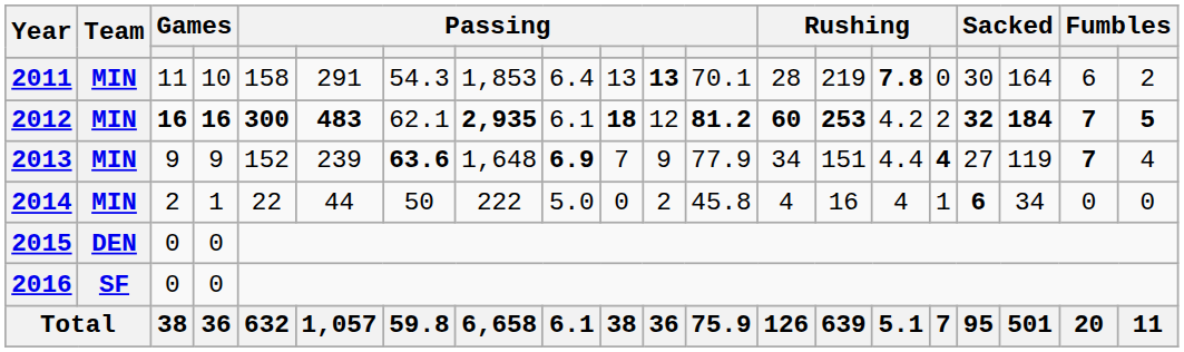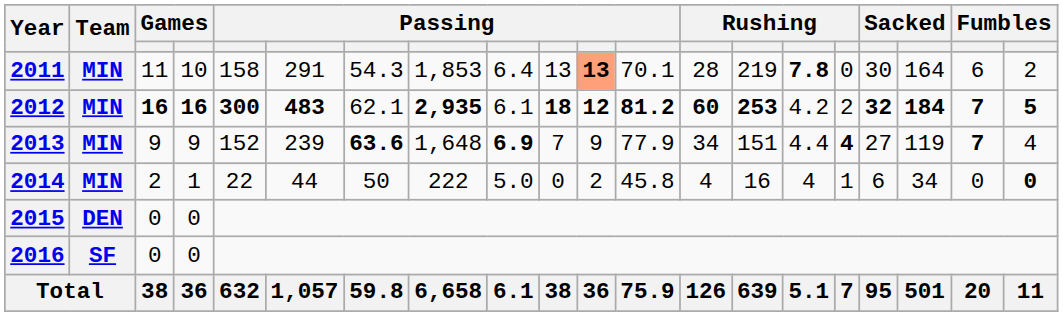 <table class="wikitable" style="text-align: center;">
 <tr>
 <th rowspan="2">Year</th>
 <th rowspan="2">Team</th>
 <th colspan="2">Games</th>
 <th colspan="8">Passing</th>
 <th colspan="4">Rushing</th>
 <th colspan="2">Sacked</th>
 <th colspan="2">Fumbles</th>
 </tr>
 <tr>
 <th></th>
 <th></th>
 <th></th>
 <th></th>
 <th></th>
 <th></th>
 <th></th>
 <th></th>
 <th></th>
 <th></th>
 <th></th>
 <th></th>
 <th></th>
 <th></th>
 <th></th>
 <th></th>
 <th></th>
 <th></th>
 </tr>
 <tr>
 <th><a href='#'>2011</a></th>
 <th><a href='#'>MIN</a></th>
 <td>11</td>
 <td>10</td>
 <td>158</td>
 <td>291</td>
 <td>54.3</td>
 <td>1,853</td>
 <td>6.4</td>
 <td>13</td>
-<td><strong>13</strong></td>
+<td style="background: lightsalmon;"><strong>13</strong></td>
 <td>70.1</td>
 <td>28</td>
 <td>219</td>
 <td><strong>7.8</strong></td>
 <td>0</td>
 <td>30</td>
 <td>164</td>
 <td>6</td>
 <td>2</td>
 </tr>
 <tr>
 <th><a href='#'>2012</a></th>
 <th><a href='#'>MIN</a></th>
 <td><strong>16</strong></td>
 <td><strong>16</strong></td>
 <td><strong>300</strong></td>
 <td><strong>483</strong></td>
 <td>62.1</td>
 <td><strong>2,935</strong></td>
 <td>6.1</td>
 <td><strong>18</strong></td>
-<td>12</td>
+<td><strong>12</strong></td>
 <td><strong>81.2</strong></td>
 <td><strong>60</strong></td>
 <td><strong>253</strong></td>
 <td>4.2</td>
 <td>2</td>
 <td><strong>32</strong></td>
 <td><strong>184</strong></td>
 <td><strong>7</strong></td>
 <td><strong>5</strong></td>
 </tr>
 <tr>
 <th><a href='#'>2013</a></th>
 <th><a href='#'>MIN</a></th>
 <td>9</td>
 <td>9</td>
 <td>152</td>
 <td>239</td>
 <td><strong>63.6</strong></td>
 <td>1,648</td>
 <td><strong>6.9</strong></td>
 <td>7</td>
 <td>9</td>
 <td>77.9</td>
 <td>34</td>
 <td>151</td>
 <td>4.4</td>
 <td><strong>4</strong></td>
 <td>27</td>
 <td>119</td>
 <td><strong>7</strong></td>
 <td>4</td>
 </tr>
 <tr>
 <th><a href='#'>2014</a></th>
 <th><a href='#'>MIN</a></th>
 <td>2</td>
 <td>1</td>
 <td>22</td>
 <td>44</td>
 <td>50</td>
 <td>222</td>
 <td>5.0</td>
 <td>0</td>
 <td>2</td>
 <td>45.8</td>
 <td>4</td>
 <td>16</td>
 <td>4</td>
 <td>1</td>
-<td><strong>6</strong></td>
+<td>6</td>
 <td>34</td>
 <td>0</td>
-<td>0</td>
+<td><strong>0</strong></td>
 </tr>
 <tr>
 <th><a href='#'>2015</a></th>
 <th><a href='#'>DEN</a></th>
 <td>0</td>
 <td>0</td>
 <td colspan="16"></td>
 </tr>
 <tr>
 <th><a href='#'>2016</a></th>
 <th><a href='#'>SF</a></th>
 <td>0</td>
 <td>0</td>
 <td colspan="16"></td>
 </tr>
 <tr>
 <th colspan="2">Total</th>
 <th>38</th>
 <th>36</th>
 <th>632</th>
 <th>1,057</th>
 <th>59.8</th>
 <th>6,658</th>
 <th>6.1</th>
 <th>38</th>
 <th>36</th>
 <th>75.9</th>
 <th>126</th>
 <th>639</th>
 <th>5.1</th>
 <th>7</th>
 <th>95</th>
 <th>501</th>
 <th>20</th>
 <th>11</th>
 </tr>
 </table>
